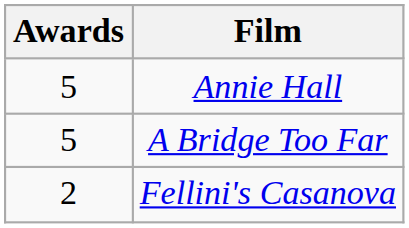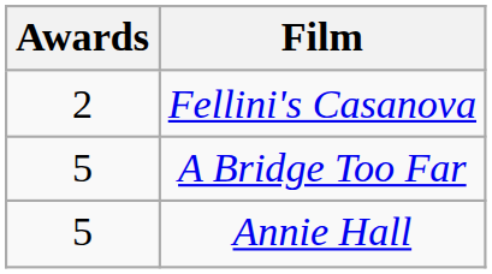 <table class="wikitable" style="text-align:center;">
 <tr>
 <th style="background:">Awards</th>
 <th style="background:">Film</th>
 </tr>
 <tr>
-<td>5</td>
-<td><em><a href='#'>Annie Hall</a></em></td>
+<td>2</td>
+<td><em><a href='#'>Fellini's Casanova</a></em></td>
 </tr>
 <tr>
 <td>5</td>
 <td><em><a href='#'>A Bridge Too Far</a></em></td>
 </tr>
 <tr>
-<td>2</td>
-<td><em><a href='#'>Fellini's Casanova</a></em></td>
+<td>5</td>
+<td><em><a href='#'>Annie Hall</a></em></td>
 </tr>
 </table>
